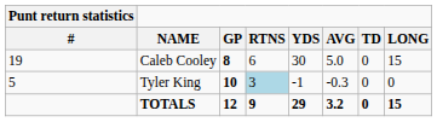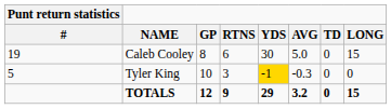 <table class="wikitable collapsible">
 <tr>
 <th style="text-align:center; ">Punt return statistics</th>
 </tr>
 <tr>
 <th>#</th>
 <th>NAME</th>
 <th>GP</th>
 <th>RTNS</th>
 <th>YDS</th>
 <th>AVG</th>
 <th>TD</th>
 <th>LONG</th>
 </tr>
 <tr>
 <td>19</td>
 <td>Caleb Cooley</td>
-<td><strong>8</strong></td>
+<td>8</td>
 <td>6</td>
 <td>30</td>
 <td>5.0</td>
 <td>0</td>
 <td>15</td>
 </tr>
 <tr>
 <td>5</td>
 <td>Tyler King</td>
-<td><strong>10</strong></td>
-<td style="background: lightblue;">3</td>
-<td>-1</td>
+<td>10</td>
+<td>3</td>
+<td style="background: gold;">-1</td>
 <td>-0.3</td>
 <td>0</td>
 <td>0</td>
 </tr>
 <tr>
 <td></td>
 <td><strong>TOTALS</strong></td>
 <td><strong>12</strong></td>
 <td><strong>9</strong></td>
 <td><strong>29</strong></td>
 <td><strong>3.2</strong></td>
 <td><strong>0</strong></td>
 <td><strong>15</strong></td>
 </tr>
 </table>
